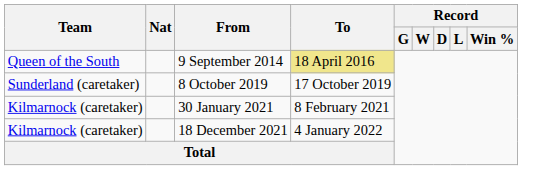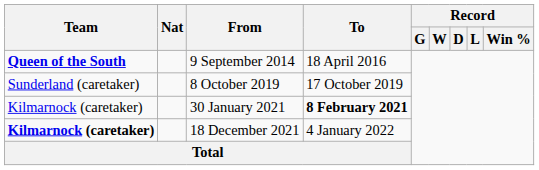 <table class="wikitable" style="text-align: center">
 <tr>
 <th rowspan="2">Team</th>
 <th rowspan="2">Nat</th>
 <th rowspan="2">From</th>
 <th rowspan="2">To</th>
 <th colspan="5">Record</th>
 </tr>
 <tr>
 <th>G</th>
 <th>W</th>
 <th>D</th>
 <th>L</th>
 <th>Win %</th>
 </tr>
 <tr>
-<td align=left><a href='#'>Queen of the South</a></td>
+<td align=left><strong><a href='#'>Queen of the South</a></strong></td>
 <td></td>
 <td align=left>9 September 2014</td>
-<td align=left style="background: khaki;">18 April 2016<br></td>
+<td align=left>18 April 2016<br></td>
 </tr>
 <tr>
 <td align=left><a href='#'>Sunderland</a> (caretaker)</td>
 <td></td>
 <td align=left>8 October 2019</td>
 <td align=left>17 October 2019<br></td>
 </tr>
 <tr>
 <td align=left><a href='#'>Kilmarnock</a> (caretaker)</td>
 <td></td>
 <td align=left>30 January 2021</td>
-<td align=left>8 February 2021<br></td>
+<td align=left><strong>8 February 2021<br></strong></td>
 </tr>
 <tr>
-<td align=left><a href='#'>Kilmarnock</a> (caretaker)</td>
+<td align=left><strong><a href='#'>Kilmarnock</a> (caretaker)</strong></td>
 <td></td>
 <td align=left>18 December 2021</td>
 <td align=left>4 January 2022<br></td>
 </tr>
 <tr>
 <th colspan=4>Total<br></th>
 </tr>
 </table>
